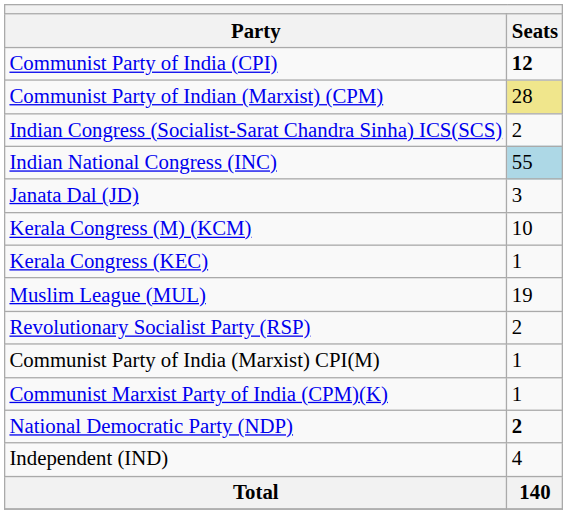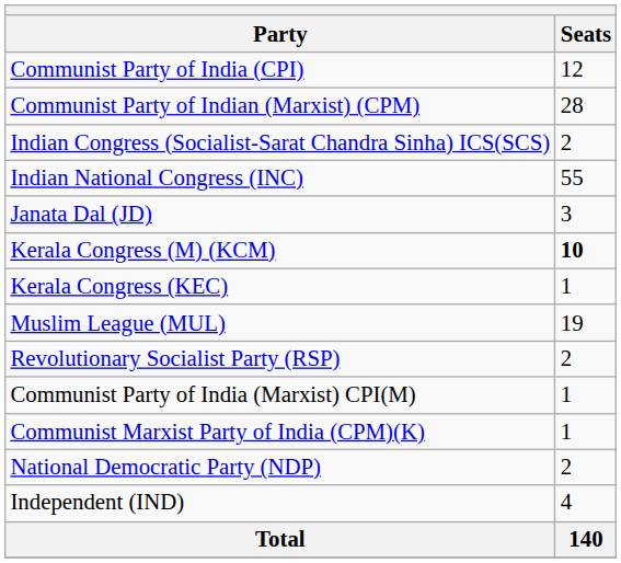 <table class="wikitable sortable">
 <tr>
 <th colspan=10></th>
 </tr>
 <tr>
 <th>Party</th>
 <th>Seats</th>
 </tr>
 <tr --->
 <td><a href='#'>Communist Party of India (CPI)</a></td>
-<td><strong>12</strong></td>
+<td>12</td>
 </tr>
 <tr --->
 <td><a href='#'>Communist Party of Indian (Marxist) (CPM)</a></td>
-<td style="background: khaki;">28</td>
+<td>28</td>
 </tr>
 <tr --->
 <td><a href='#'>Indian Congress (Socialist-Sarat Chandra Sinha) ICS(SCS)</a></td>
 <td>2</td>
 </tr>
 <tr --->
 <td><a href='#'>Indian National Congress (INC)</a></td>
-<td style="background: lightblue;">55</td>
+<td>55</td>
 </tr>
 <tr --->
 <td><a href='#'>Janata Dal (JD)</a></td>
 <td>3</td>
 </tr>
 <tr --->
 <td><a href='#'>Kerala Congress (M) (KCM)</a></td>
-<td>10</td>
+<td><strong>10</strong></td>
 </tr>
 <tr --->
 <td><a href='#'>Kerala Congress (KEC)</a></td>
 <td>1</td>
 </tr>
 <tr --->
 <td><a href='#'>Muslim League (MUL)</a></td>
 <td>19</td>
 </tr>
 <tr --->
 <td><a href='#'>Revolutionary Socialist Party (RSP)</a></td>
 <td>2</td>
 </tr>
 <tr --->
 <td>Communist Party of India (Marxist) CPI(M)</td>
 <td>1</td>
 </tr>
 <tr --->
 <td><a href='#'>Communist Marxist Party of India (CPM)(K)</a></td>
 <td>1</td>
 </tr>
 <tr --->
 <td><a href='#'>National Democratic Party (NDP)</a></td>
-<td><strong>2</strong></td>
+<td>2</td>
 </tr>
 <tr --->
 <td>Independent (IND)</td>
 <td>4</td>
 </tr>
 <tr>
 <th>Total</th>
 <th>140</th>
 </tr>
 <tr>
 </tr>
 </table>
